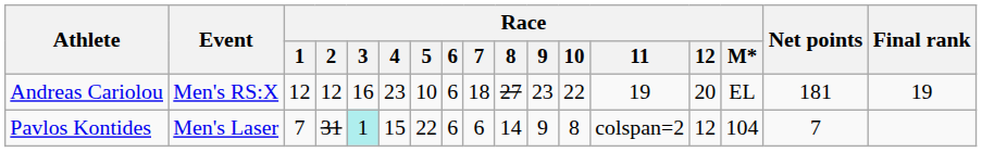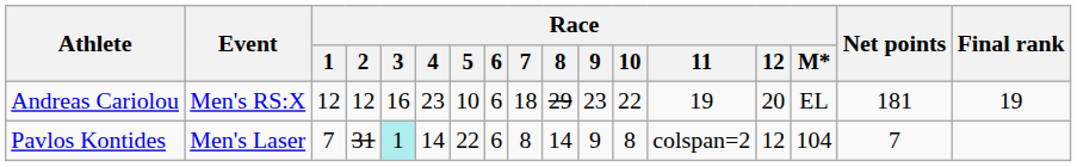 <table class="wikitable" style="font-size:90%">
 <tr>
 <th rowspan="2">Athlete</th>
 <th rowspan="2">Event</th>
 <th colspan=13>Race</th>
 <th rowspan=2>Net points</th>
 <th rowspan=2>Final rank</th>
 </tr>
 <tr style="font-size:95%">
 <th>1</th>
 <th>2</th>
 <th>3</th>
 <th>4</th>
 <th>5</th>
 <th>6</th>
 <th>7</th>
 <th>8</th>
 <th>9</th>
 <th>10</th>
 <th>11</th>
 <th>12</th>
 <th>M*</th>
 </tr>
 <tr align=center>
 <td align=left><a href='#'>Andreas Cariolou</a></td>
 <td align=left><a href='#'>Men's RS:X</a></td>
 <td>12</td>
 <td>12</td>
 <td>16</td>
 <td>23</td>
 <td>10</td>
 <td>6</td>
 <td>18</td>
-<td><s>27</s></td>
+<td><s>29</s></td>
 <td>23</td>
 <td>22</td>
 <td>19</td>
 <td>20</td>
 <td>EL</td>
 <td>181</td>
 <td>19</td>
 </tr>
 <tr align=center>
 <td align=left><a href='#'>Pavlos Kontides</a></td>
 <td align=left><a href='#'>Men's Laser</a></td>
 <td>7</td>
 <td><s>31</s></td>
 <td style="background: paleturquoise;">1</td>
-<td>15</td>
+<td>14</td>
 <td>22</td>
 <td>6</td>
-<td>6</td>
+<td>8</td>
 <td>14</td>
 <td>9</td>
 <td>8</td>
 <td>colspan=2 </td>
 <td>12</td>
 <td>104</td>
 <td>7</td>
 </tr>
 </table>
